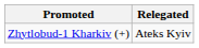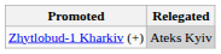 <table class="wikitable">
 <tr>
 <th>Promoted</th>
 <th>Relegated</th>
 </tr>
 <tr>
 <td><a href='#'>Zhytlobud-1 Kharkiv</a> (+)</td>
-<td>Ateks Kyiv</td>
+<td style="background: lightgrey;">Ateks Kyiv</td>
 </tr>
 </table>
